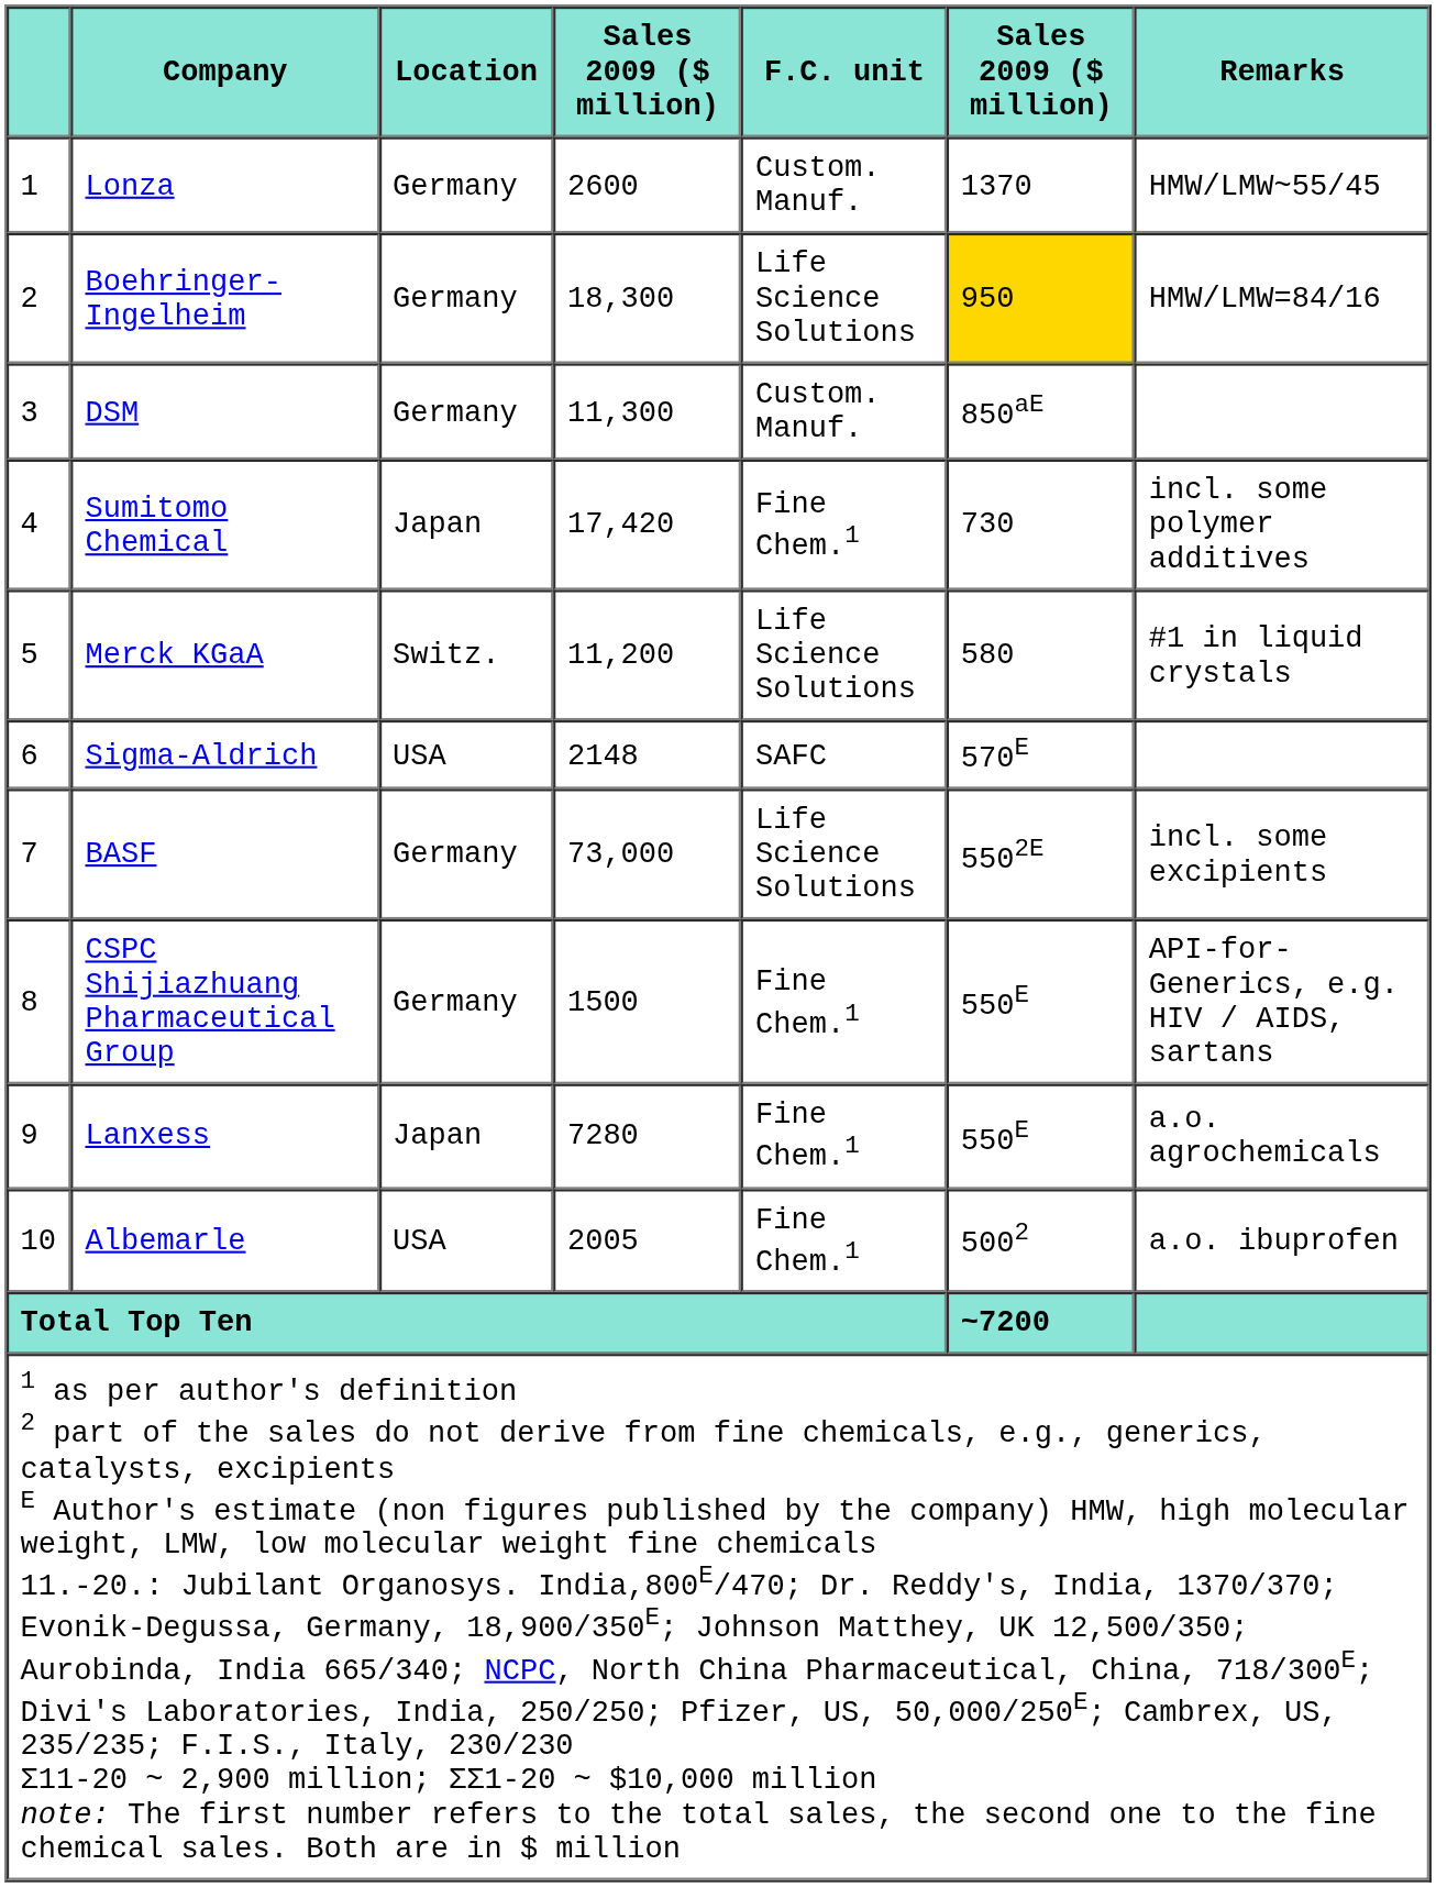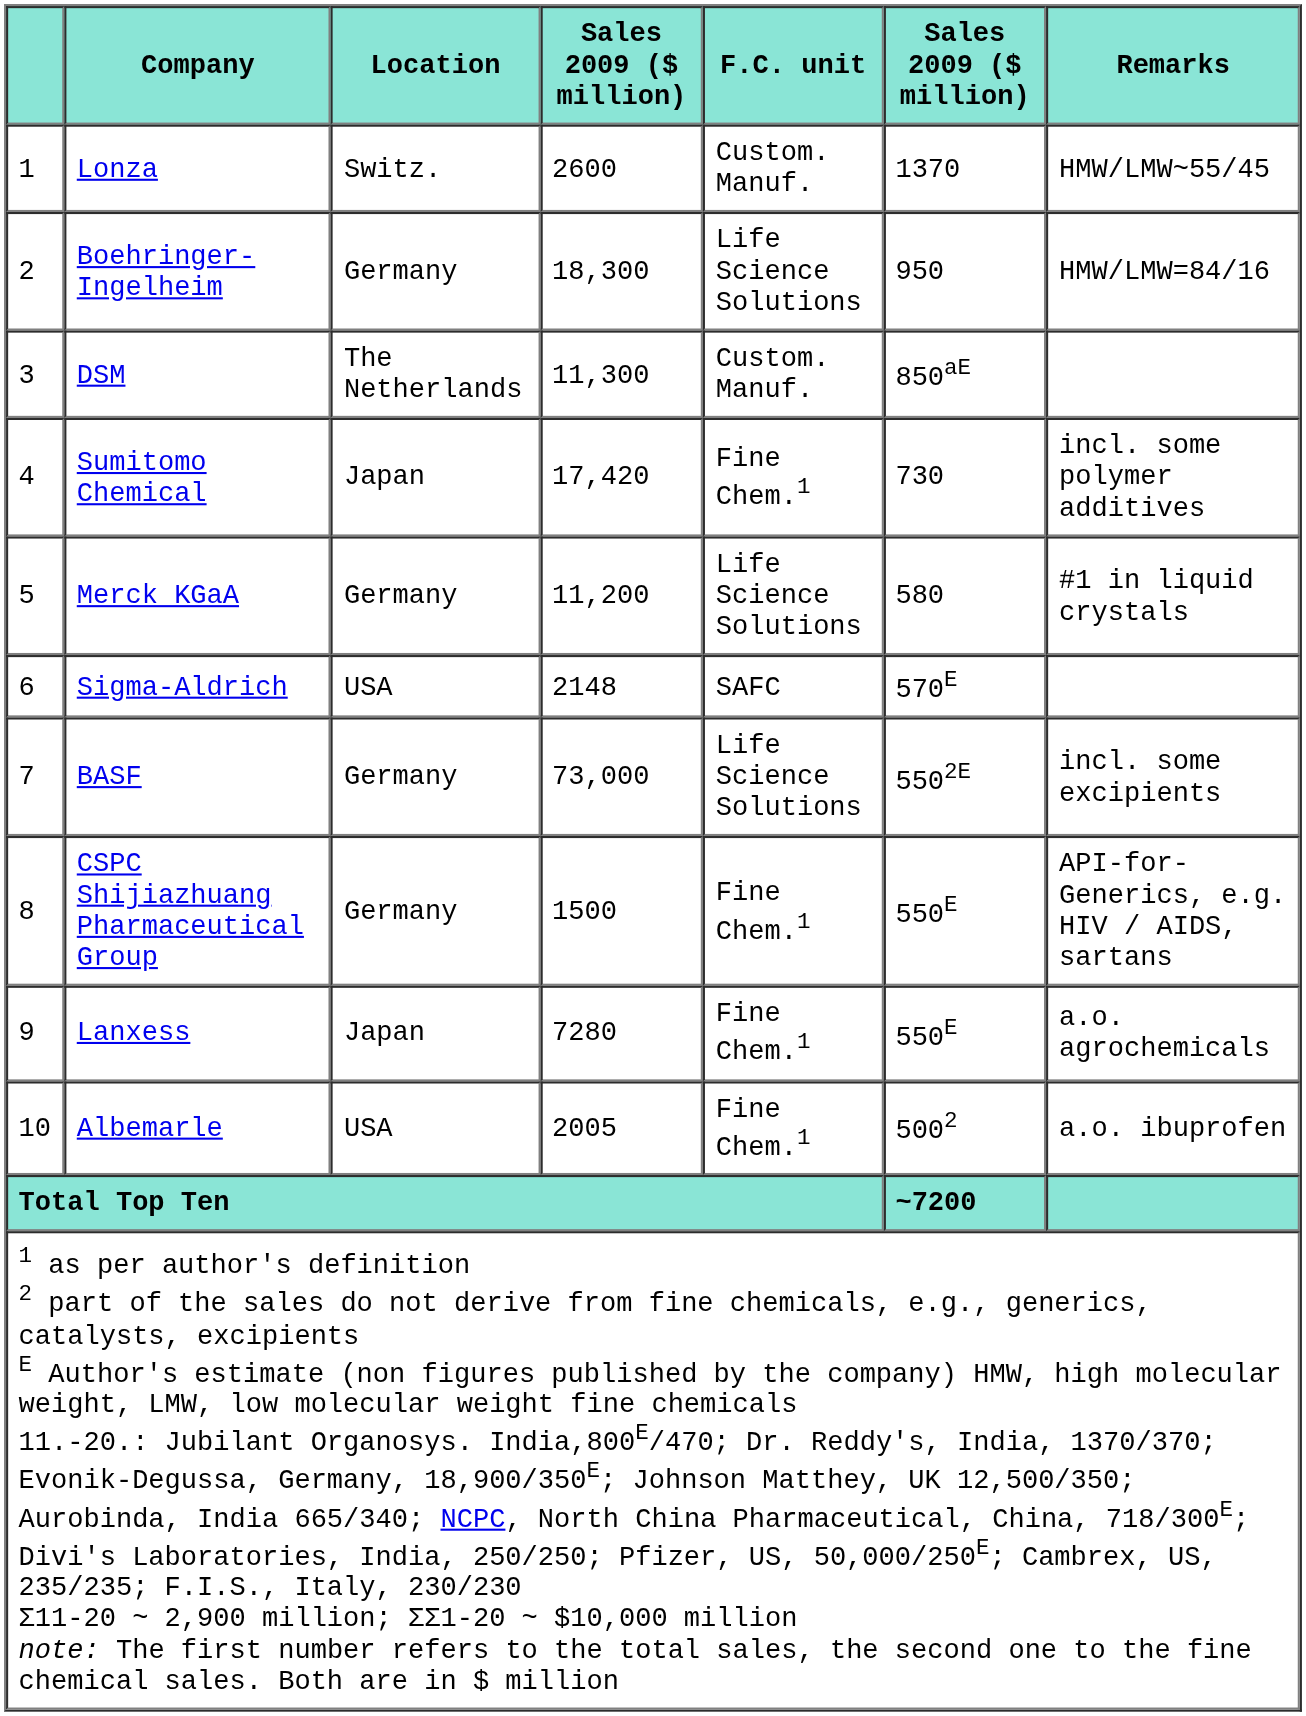 <table " border="1" cellpadding="5" cellspacing="0" align="center">
 <tr>
 <th style="background: #8AE5D6;"></th>
 <th style="background: #8AE5D6;">Company</th>
 <th style="background: #8AE5D6;">Location</th>
 <th style="background: #8AE5D6;">Sales 2009 ($ million)</th>
 <th style="background: #8AE5D6;">F.C. unit</th>
 <th style="background: #8AE5D6;">Sales 2009 ($ million)</th>
 <th style="background: #8AE5D6;">Remarks</th>
 </tr>
 <tr>
 <td>1</td>
 <td><a href='#'>Lonza</a></td>
-<td>Germany</td>
+<td>Switz.</td>
 <td>2600</td>
 <td>Custom. Manuf.</td>
 <td>1370</td>
 <td>HMW/LMW~55/45</td>
 </tr>
 <tr>
 <td>2</td>
 <td><a href='#'>Boehringer-Ingelheim</a></td>
 <td>Germany</td>
 <td>18,300</td>
 <td>Life Science Solutions</td>
-<td style="background: gold;">950</td>
+<td>950</td>
 <td>HMW/LMW=84/16</td>
 </tr>
 <tr>
 <td>3</td>
 <td><a href='#'>DSM</a></td>
-<td>Germany</td>
+<td>The Netherlands</td>
 <td>11,300</td>
 <td>Custom. Manuf.</td>
 <td>850<sup>aE</sup></td>
 <td></td>
 </tr>
 <tr>
 <td>4</td>
 <td><a href='#'>Sumitomo Chemical</a></td>
 <td>Japan</td>
 <td>17,420</td>
 <td>Fine Chem.<sup>1</sup></td>
 <td>730</td>
 <td>incl. some polymer additives</td>
 </tr>
 <tr>
 <td>5</td>
 <td><a href='#'>Merck KGaA</a></td>
-<td>Switz.</td>
+<td>Germany</td>
 <td>11,200</td>
 <td>Life Science Solutions</td>
 <td>580</td>
 <td>#1 in liquid crystals</td>
 </tr>
 <tr>
 <td>6</td>
 <td><a href='#'>Sigma-Aldrich</a></td>
 <td>USA</td>
 <td>2148</td>
 <td>SAFC</td>
 <td>570<sup>E</sup></td>
 <td></td>
 </tr>
 <tr>
 <td>7</td>
 <td><a href='#'>BASF</a></td>
 <td>Germany</td>
 <td>73,000</td>
 <td>Life Science Solutions</td>
 <td>550<sup>2E</sup></td>
 <td>incl. some excipients</td>
 </tr>
 <tr>
 <td>8</td>
 <td><a href='#'>CSPC Shijiazhuang Pharmaceutical Group</a></td>
 <td>Germany</td>
 <td>1500</td>
 <td>Fine Chem.<sup>1</sup></td>
 <td>550<sup>E</sup></td>
 <td>API-for-Generics, e.g. HIV / AIDS, sartans</td>
 </tr>
 <tr>
 <td>9</td>
 <td><a href='#'>Lanxess</a></td>
 <td>Japan</td>
 <td>7280</td>
 <td>Fine Chem.<sup>1</sup></td>
 <td>550<sup>E</sup></td>
 <td>a.o. agrochemicals</td>
 </tr>
 <tr>
 <td>10</td>
 <td><a href='#'>Albemarle</a></td>
 <td>USA</td>
 <td>2005</td>
 <td>Fine Chem.<sup>1</sup></td>
 <td>500<sup>2</sup></td>
 <td>a.o. ibuprofen</td>
 </tr>
 <tr>
 <td colspan="5" style="background: #8AE5D6;"><strong>Total Top Ten</strong></td>
 <td style="background: #8AE5D6;"><strong>~7200</strong></td>
 <td style="background: #8AE5D6;"></td>
 </tr>
 <tr>
 <td colspan="7"><sup>1</sup> as per author's definition<br><sup>2</sup> part of the sales do not derive from fine chemicals, e.g., generics, catalysts, excipients<br><sup>E</sup> Author's estimate (non figures published by the company) HMW, high molecular weight, LMW, low molecular weight fine chemicals<br>11.-20.: Jubilant Organosys. India,800<sup>E</sup>/470; Dr. Reddy's, India, 1370/370; Evonik-Degussa, Germany, 18,900/350<sup>E</sup>; Johnson Matthey, UK 12,500/350; Aurobinda, India 665/340; <a href='#'>NCPC</a>, North China Pharmaceutical, China, 718/300<sup>E</sup>; Divi's Laboratories, India, 250/250;  Pfizer, US, 50,000/250<sup>E</sup>; Cambrex, US, 235/235; F.I.S., Italy, 230/230<br>Σ11-20 ~ 2,900 million; ΣΣ1-20 ~ $10,000 million<br><em>note:</em> The first number refers to the total sales, the second one to the fine chemical sales. Both are in $ million</td>
 </tr>
 </table>
